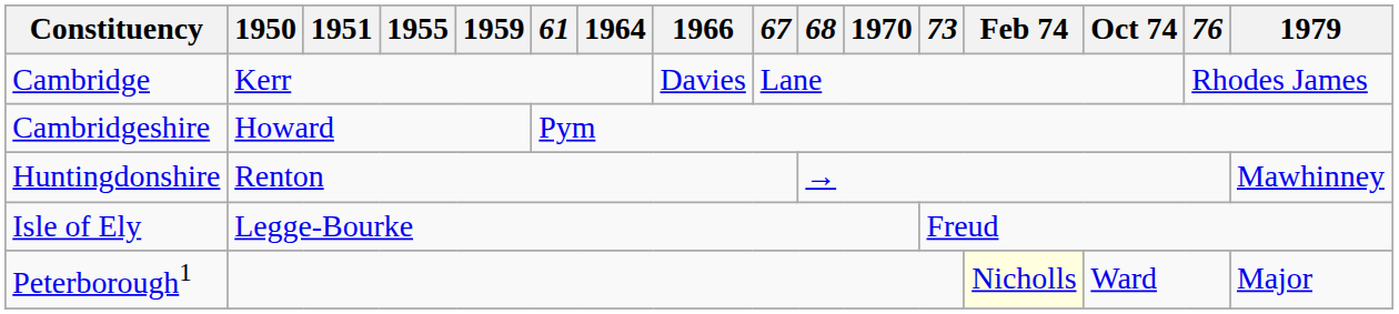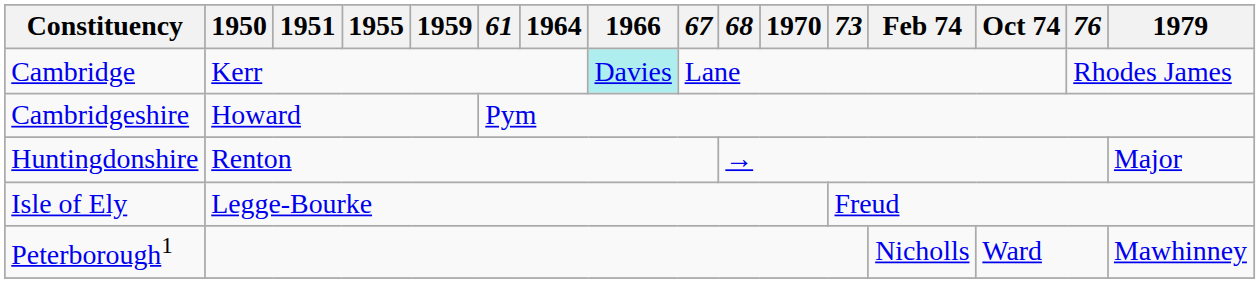 <table class="wikitable">
 <tr>
 <th>Constituency</th>
 <th>1950</th>
 <th>1951</th>
 <th>1955</th>
 <th>1959</th>
 <th><em>61</em></th>
 <th>1964</th>
 <th>1966</th>
 <th><em>67</em></th>
 <th><em>68</em></th>
 <th>1970</th>
 <th><em>73</em></th>
 <th>Feb 74</th>
 <th>Oct 74</th>
 <th><em>76</em></th>
 <th>1979</th>
 </tr>
 <tr>
 <td><a href='#'>Cambridge</a></td>
 <td colspan="6"><a href='#'>Kerr</a></td>
-<td><a href='#'>Davies</a></td>
+<td style="background: paleturquoise;"><a href='#'>Davies</a></td>
 <td colspan="6"><a href='#'>Lane</a></td>
 <td colspan="2"><a href='#'>Rhodes James</a></td>
 </tr>
 <tr>
 <td><a href='#'>Cambridgeshire</a></td>
 <td colspan="4"><a href='#'>Howard</a></td>
 <td colspan="11"><a href='#'>Pym</a></td>
 </tr>
 <tr>
 <td><a href='#'>Huntingdonshire</a></td>
 <td colspan="8"><a href='#'>Renton</a></td>
 <td colspan="6"><a href='#'>→</a></td>
-<td><a href='#'>Mawhinney</a></td>
+<td><a href='#'>Major</a></td>
 </tr>
 <tr>
 <td><a href='#'>Isle of Ely</a></td>
 <td colspan="10"><a href='#'>Legge-Bourke</a></td>
 <td colspan="5"><a href='#'>Freud</a></td>
 </tr>
 <tr>
 <td><a href='#'>Peterborough</a><sup>1</sup></td>
 <td colspan="11"></td>
-<td style="background: lightyellow;"><a href='#'>Nicholls</a></td>
+<td><a href='#'>Nicholls</a></td>
 <td colspan="2"><a href='#'>Ward</a></td>
-<td><a href='#'>Major</a></td>
+<td><a href='#'>Mawhinney</a></td>
 </tr>
 </table>
